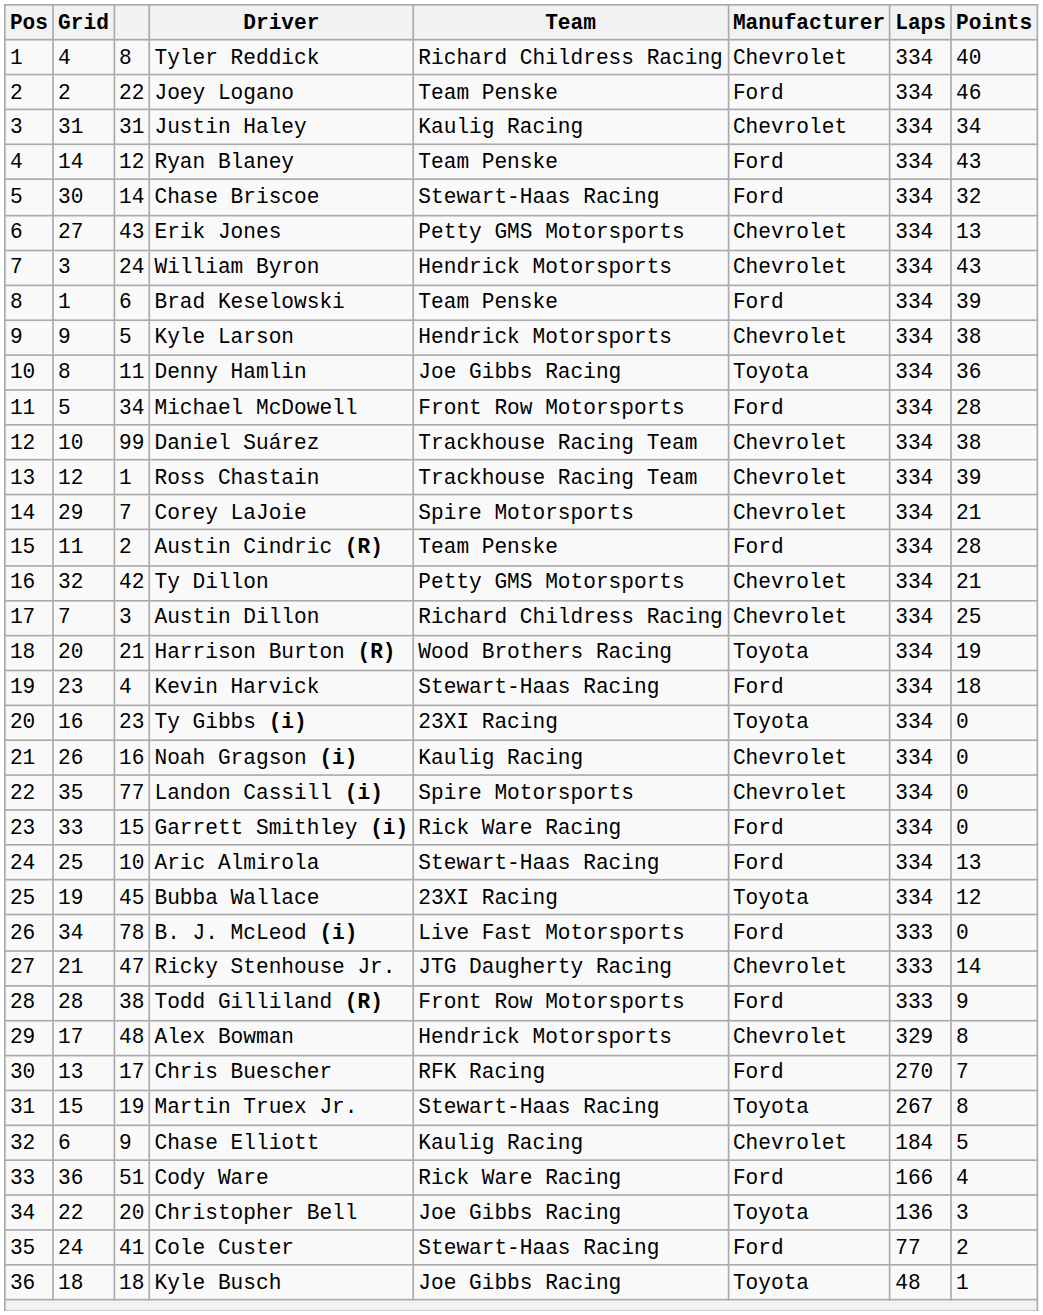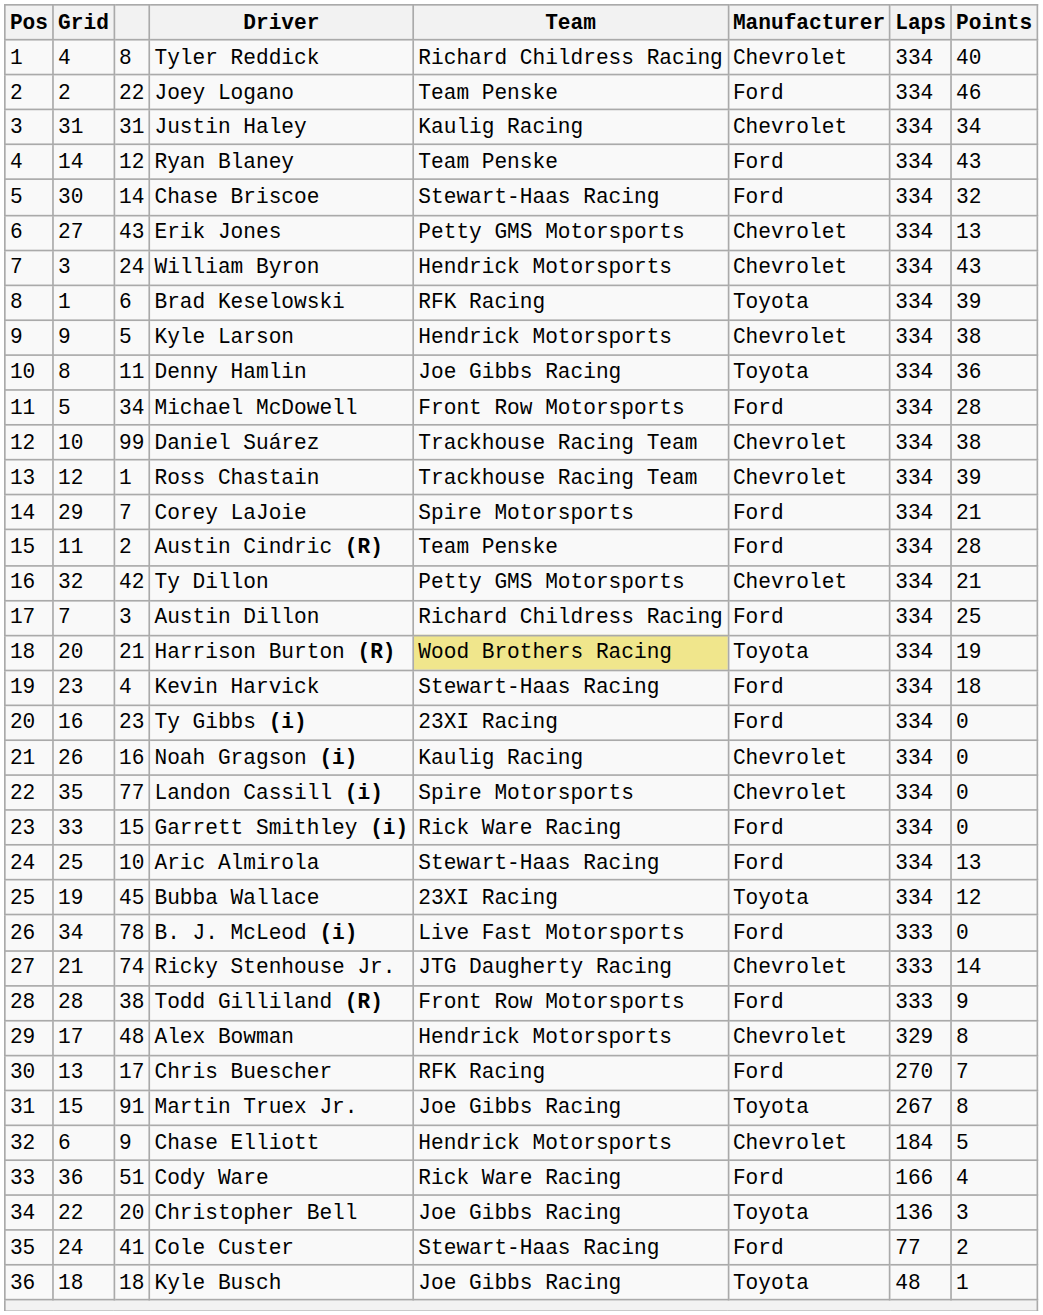 <table class="wikitable" style="font-size:98%">
 <tr>
 <th>Pos</th>
 <th>Grid</th>
 <th></th>
 <th>Driver</th>
 <th>Team</th>
 <th>Manufacturer</th>
 <th>Laps</th>
 <th>Points</th>
 </tr>
 <tr>
 <td>1</td>
 <td>4</td>
 <td>8</td>
 <td>Tyler Reddick</td>
 <td>Richard Childress Racing</td>
 <td>Chevrolet</td>
 <td>334</td>
 <td>40</td>
 </tr>
 <tr>
 <td>2</td>
 <td>2</td>
 <td>22</td>
 <td>Joey Logano</td>
 <td>Team Penske</td>
 <td>Ford</td>
 <td>334</td>
 <td>46</td>
 </tr>
 <tr>
 <td>3</td>
 <td>31</td>
 <td>31</td>
 <td>Justin Haley</td>
 <td>Kaulig Racing</td>
 <td>Chevrolet</td>
 <td>334</td>
 <td>34</td>
 </tr>
 <tr>
 <td>4</td>
 <td>14</td>
 <td>12</td>
 <td>Ryan Blaney</td>
 <td>Team Penske</td>
 <td>Ford</td>
 <td>334</td>
 <td>43</td>
 </tr>
 <tr>
 <td>5</td>
 <td>30</td>
 <td>14</td>
 <td>Chase Briscoe</td>
 <td>Stewart-Haas Racing</td>
 <td>Ford</td>
 <td>334</td>
 <td>32</td>
 </tr>
 <tr>
 <td>6</td>
 <td>27</td>
 <td>43</td>
 <td>Erik Jones</td>
 <td>Petty GMS Motorsports</td>
 <td>Chevrolet</td>
 <td>334</td>
 <td>13</td>
 </tr>
 <tr>
 <td>7</td>
 <td>3</td>
 <td>24</td>
 <td>William Byron </td>
 <td>Hendrick Motorsports</td>
 <td>Chevrolet</td>
 <td>334</td>
 <td>43</td>
 </tr>
 <tr>
 <td>8</td>
 <td>1</td>
 <td>6</td>
 <td>Brad Keselowski</td>
-<td>Team Penske</td>
-<td>Ford</td>
+<td>RFK Racing</td>
+<td>Toyota</td>
 <td>334</td>
 <td>39</td>
 </tr>
 <tr>
 <td>9</td>
 <td>9</td>
 <td>5</td>
 <td>Kyle Larson</td>
 <td>Hendrick Motorsports</td>
 <td>Chevrolet</td>
 <td>334</td>
 <td>38</td>
 </tr>
 <tr>
 <td>10</td>
 <td>8</td>
 <td>11</td>
 <td>Denny Hamlin</td>
 <td>Joe Gibbs Racing</td>
 <td>Toyota</td>
 <td>334</td>
 <td>36</td>
 </tr>
 <tr>
 <td>11</td>
 <td>5</td>
 <td>34</td>
 <td>Michael McDowell</td>
 <td>Front Row Motorsports</td>
 <td>Ford</td>
 <td>334</td>
 <td>28</td>
 </tr>
 <tr>
 <td>12</td>
 <td>10</td>
 <td>99</td>
 <td>Daniel Suárez</td>
 <td>Trackhouse Racing Team</td>
 <td>Chevrolet</td>
 <td>334</td>
 <td>38</td>
 </tr>
 <tr>
 <td>13</td>
 <td>12</td>
 <td>1</td>
 <td>Ross Chastain</td>
 <td>Trackhouse Racing Team</td>
 <td>Chevrolet</td>
 <td>334</td>
 <td>39</td>
 </tr>
 <tr>
 <td>14</td>
 <td>29</td>
 <td>7</td>
 <td>Corey LaJoie</td>
 <td>Spire Motorsports</td>
-<td>Chevrolet</td>
+<td>Ford</td>
 <td>334</td>
 <td>21</td>
 </tr>
 <tr>
 <td>15</td>
 <td>11</td>
 <td>2</td>
 <td>Austin Cindric <strong>(R)</strong></td>
 <td>Team Penske</td>
 <td>Ford</td>
 <td>334</td>
 <td>28</td>
 </tr>
 <tr>
 <td>16</td>
 <td>32</td>
 <td>42</td>
 <td>Ty Dillon</td>
 <td>Petty GMS Motorsports</td>
 <td>Chevrolet</td>
 <td>334</td>
 <td>21</td>
 </tr>
 <tr>
 <td>17</td>
 <td>7</td>
 <td>3</td>
 <td>Austin Dillon</td>
 <td>Richard Childress Racing</td>
-<td>Chevrolet</td>
+<td>Ford</td>
 <td>334</td>
 <td>25</td>
 </tr>
 <tr>
 <td>18</td>
 <td>20</td>
 <td>21</td>
 <td>Harrison Burton <strong>(R)</strong></td>
-<td>Wood Brothers Racing</td>
+<td style="background: khaki;">Wood Brothers Racing</td>
 <td>Toyota</td>
 <td>334</td>
 <td>19</td>
 </tr>
 <tr>
 <td>19</td>
 <td>23</td>
 <td>4</td>
 <td>Kevin Harvick</td>
 <td>Stewart-Haas Racing</td>
 <td>Ford</td>
 <td>334</td>
 <td>18</td>
 </tr>
 <tr>
 <td>20</td>
 <td>16</td>
 <td>23</td>
 <td>Ty Gibbs <strong>(i)</strong></td>
 <td>23XI Racing</td>
-<td>Toyota</td>
+<td>Ford</td>
 <td>334</td>
 <td>0</td>
 </tr>
 <tr>
 <td>21</td>
 <td>26</td>
 <td>16</td>
 <td>Noah Gragson <strong>(i)</strong></td>
 <td>Kaulig Racing</td>
 <td>Chevrolet</td>
 <td>334</td>
 <td>0</td>
 </tr>
 <tr>
 <td>22</td>
 <td>35</td>
 <td>77</td>
 <td>Landon Cassill <strong>(i)</strong></td>
 <td>Spire Motorsports</td>
 <td>Chevrolet</td>
 <td>334</td>
 <td>0</td>
 </tr>
 <tr>
 <td>23</td>
 <td>33</td>
 <td>15</td>
 <td>Garrett Smithley <strong>(i)</strong></td>
 <td>Rick Ware Racing</td>
 <td>Ford</td>
 <td>334</td>
 <td>0</td>
 </tr>
 <tr>
 <td>24</td>
 <td>25</td>
 <td>10</td>
 <td>Aric Almirola</td>
 <td>Stewart-Haas Racing</td>
 <td>Ford</td>
 <td>334</td>
 <td>13</td>
 </tr>
 <tr>
 <td>25</td>
 <td>19</td>
 <td>45</td>
 <td>Bubba Wallace</td>
 <td>23XI Racing</td>
 <td>Toyota</td>
 <td>334</td>
 <td>12</td>
 </tr>
 <tr>
 <td>26</td>
 <td>34</td>
 <td>78</td>
 <td>B. J. McLeod <strong>(i)</strong></td>
 <td>Live Fast Motorsports</td>
 <td>Ford</td>
 <td>333</td>
 <td>0</td>
 </tr>
 <tr>
 <td>27</td>
 <td>21</td>
-<td>47</td>
+<td>74</td>
 <td>Ricky Stenhouse Jr.</td>
 <td>JTG Daugherty Racing</td>
 <td>Chevrolet</td>
 <td>333</td>
 <td>14</td>
 </tr>
 <tr>
 <td>28</td>
 <td>28</td>
 <td>38</td>
 <td>Todd Gilliland <strong>(R)</strong></td>
 <td>Front Row Motorsports</td>
 <td>Ford</td>
 <td>333</td>
 <td>9</td>
 </tr>
 <tr>
 <td>29</td>
 <td>17</td>
 <td>48</td>
 <td>Alex Bowman</td>
 <td>Hendrick Motorsports</td>
 <td>Chevrolet</td>
 <td>329</td>
 <td>8</td>
 </tr>
 <tr>
 <td>30</td>
 <td>13</td>
 <td>17</td>
 <td>Chris Buescher</td>
 <td>RFK Racing</td>
 <td>Ford</td>
 <td>270</td>
 <td>7</td>
 </tr>
 <tr>
 <td>31</td>
 <td>15</td>
-<td>19</td>
+<td>91</td>
 <td>Martin Truex Jr.</td>
-<td>Stewart-Haas Racing</td>
+<td>Joe Gibbs Racing</td>
 <td>Toyota</td>
 <td>267</td>
 <td>8</td>
 </tr>
 <tr>
 <td>32</td>
 <td>6</td>
 <td>9</td>
 <td>Chase Elliott</td>
-<td>Kaulig Racing</td>
+<td>Hendrick Motorsports</td>
 <td>Chevrolet</td>
 <td>184</td>
 <td>5</td>
 </tr>
 <tr>
 <td>33</td>
 <td>36</td>
 <td>51</td>
 <td>Cody Ware</td>
 <td>Rick Ware Racing</td>
 <td>Ford</td>
 <td>166</td>
 <td>4</td>
 </tr>
 <tr>
 <td>34</td>
 <td>22</td>
 <td>20</td>
 <td>Christopher Bell</td>
 <td>Joe Gibbs Racing</td>
 <td>Toyota</td>
 <td>136</td>
 <td>3</td>
 </tr>
 <tr>
 <td>35</td>
 <td>24</td>
 <td>41</td>
 <td>Cole Custer</td>
 <td>Stewart-Haas Racing</td>
 <td>Ford</td>
 <td>77</td>
 <td>2</td>
 </tr>
 <tr>
 <td>36</td>
 <td>18</td>
 <td>18</td>
 <td>Kyle Busch</td>
 <td>Joe Gibbs Racing</td>
 <td>Toyota</td>
 <td>48</td>
 <td>1</td>
 </tr>
 <tr>
 <th colspan="8"></th>
 </tr>
 </table>
